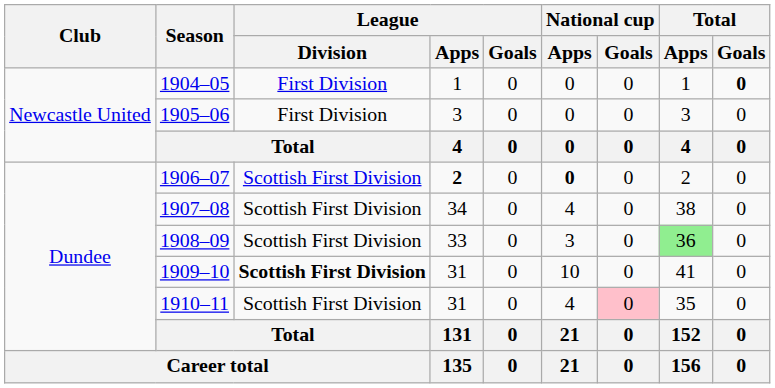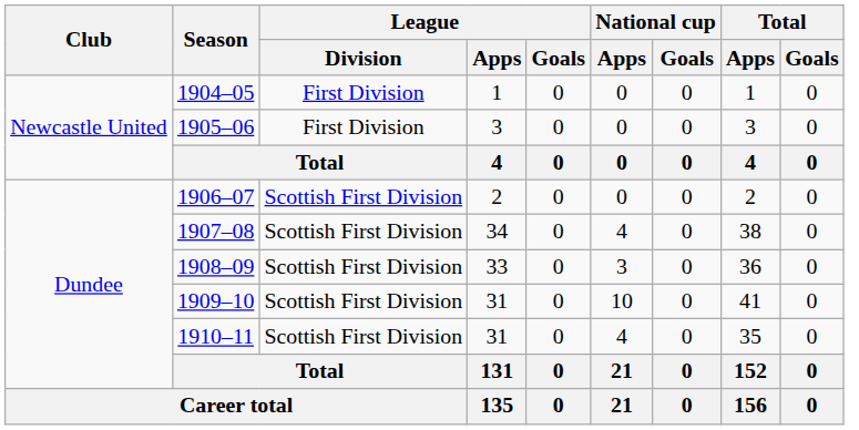 <table class="wikitable" style="text-align: center">
 <tr>
 <th rowspan="2">Club</th>
 <th rowspan="2">Season</th>
 <th colspan="3">League</th>
 <th colspan="2">National cup</th>
 <th colspan="2">Total</th>
 </tr>
 <tr>
 <th>Division</th>
 <th>Apps</th>
 <th>Goals</th>
 <th>Apps</th>
 <th>Goals</th>
 <th>Apps</th>
 <th>Goals</th>
 </tr>
 <tr>
 <td rowspan="3"><a href='#'>Newcastle United</a></td>
 <td><a href='#'>1904–05</a></td>
 <td><a href='#'>First Division</a></td>
 <td>1</td>
 <td>0</td>
 <td>0</td>
 <td>0</td>
 <td>1</td>
-<td><strong>0</strong></td>
+<td>0</td>
 </tr>
 <tr>
 <td><a href='#'>1905–06</a></td>
 <td>First Division</td>
 <td>3</td>
 <td>0</td>
 <td>0</td>
 <td>0</td>
 <td>3</td>
 <td>0</td>
 </tr>
 <tr>
 <th colspan="2">Total</th>
 <th>4</th>
 <th>0</th>
 <th>0</th>
 <th>0</th>
 <th>4</th>
 <th>0</th>
 </tr>
 <tr>
 <td rowspan="6"><a href='#'>Dundee</a></td>
 <td><a href='#'>1906–07</a></td>
 <td><a href='#'>Scottish First Division</a></td>
-<td><strong>2</strong></td>
+<td>2</td>
 <td>0</td>
-<td><strong>0</strong></td>
+<td>0</td>
 <td>0</td>
 <td>2</td>
 <td>0</td>
 </tr>
 <tr>
 <td><a href='#'>1907–08</a></td>
 <td>Scottish First Division</td>
 <td>34</td>
 <td>0</td>
 <td>4</td>
 <td>0</td>
 <td>38</td>
 <td>0</td>
 </tr>
 <tr>
 <td><a href='#'>1908–09</a></td>
 <td>Scottish First Division</td>
 <td>33</td>
 <td>0</td>
 <td>3</td>
 <td>0</td>
-<td style="background: lightgreen;">36</td>
+<td>36</td>
 <td>0</td>
 </tr>
 <tr>
 <td><a href='#'>1909–10</a></td>
-<td><strong>Scottish First Division</strong></td>
+<td>Scottish First Division</td>
 <td>31</td>
 <td>0</td>
 <td>10</td>
 <td>0</td>
 <td>41</td>
 <td>0</td>
 </tr>
 <tr>
 <td><a href='#'>1910–11</a></td>
 <td>Scottish First Division</td>
 <td>31</td>
 <td>0</td>
 <td>4</td>
-<td style="background: pink;">0</td>
+<td>0</td>
 <td>35</td>
 <td>0</td>
 </tr>
 <tr>
 <th colspan="2">Total</th>
 <th>131</th>
 <th>0</th>
 <th>21</th>
 <th>0</th>
 <th>152</th>
 <th>0</th>
 </tr>
 <tr>
 <th colspan="3">Career total</th>
 <th>135</th>
 <th>0</th>
 <th>21</th>
 <th>0</th>
 <th>156</th>
 <th>0</th>
 </tr>
 </table>
